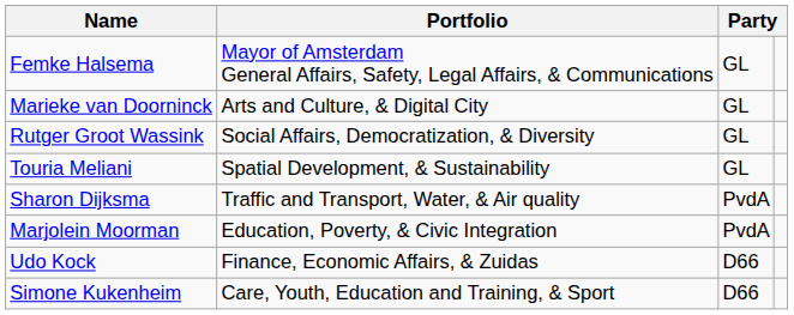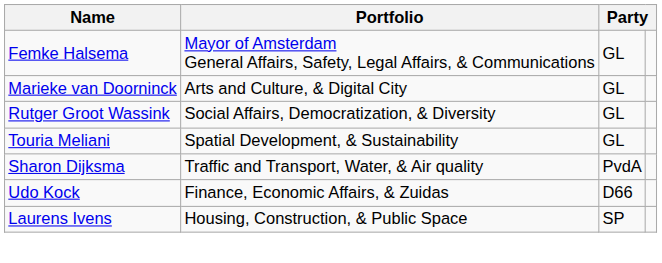 <table class="wikitable">
 <tr>
 <th>Name</th>
 <th>Portfolio</th>
 <th colspan="2">Party</th>
 </tr>
 <tr>
 <td><a href='#'>Femke Halsema</a></td>
 <td><a href='#'>Mayor of Amsterdam</a><br>General Affairs, Safety, Legal Affairs, & Communications</td>
 <td>GL</td>
 <td style="width: 3px" ;></td>
 </tr>
 <tr>
 <td><a href='#'>Marieke van Doorninck</a></td>
 <td>Arts and Culture, & Digital City</td>
 <td>GL</td>
 <td style="width: 3px" ;></td>
 </tr>
 <tr>
 <td><a href='#'>Rutger Groot Wassink</a></td>
 <td>Social Affairs, Democratization, & Diversity</td>
 <td>GL</td>
 <td style="width: 3px" ;></td>
 </tr>
 <tr>
 <td><a href='#'>Touria Meliani</a></td>
 <td>Spatial Development, & Sustainability</td>
 <td>GL</td>
 <td style="width: 3px" ;></td>
 </tr>
 <tr>
 <td><a href='#'>Sharon Dijksma</a></td>
 <td>Traffic and Transport, Water, & Air quality</td>
 <td>PvdA</td>
 <td style="width: 3px" ;></td>
 </tr>
 <tr>
-<td><a href='#'>Marjolein Moorman</a></td>
-<td>Education, Poverty, & Civic Integration</td>
-<td>PvdA</td>
-<td style="width: 3px" ;></td>
-</tr>
-<tr>
 <td><a href='#'>Udo Kock</a></td>
 <td>Finance, Economic Affairs, & Zuidas</td>
 <td>D66</td>
 <td style="width: 3px" ;></td>
 </tr>
 <tr>
-<td><a href='#'>Simone Kukenheim</a></td>
-<td>Care, Youth, Education and Training, & Sport</td>
-<td>D66</td>
+<td><a href='#'>Laurens Ivens</a></td>
+<td>Housing, Construction, & Public Space</td>
+<td>SP</td>
 <td style="width: 3px" ;></td>
 </tr>
 </table>
